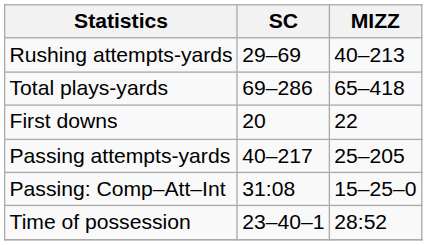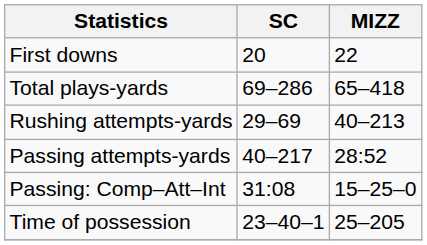 <table class="wikitable" style="float: left;">
 <tr>
 <th>Statistics</th>
 <th>SC</th>
 <th>MIZZ</th>
 </tr>
 <tr>
-<td>Rushing attempts-yards</td>
-<td>29–69</td>
-<td>40–213</td>
+<td>First downs</td>
+<td>20</td>
+<td>22</td>
 </tr>
 <tr>
 <td>Total plays-yards</td>
 <td>69–286</td>
 <td>65–418</td>
 </tr>
 <tr>
-<td>First downs</td>
-<td>20</td>
-<td>22</td>
+<td>Rushing attempts-yards</td>
+<td>29–69</td>
+<td>40–213</td>
 </tr>
 <tr>
 <td>Passing attempts-yards</td>
 <td>40–217</td>
-<td>25–205</td>
+<td>28:52</td>
 </tr>
 <tr>
 <td>Passing: Comp–Att–Int</td>
 <td>31:08</td>
 <td>15–25–0</td>
 </tr>
 <tr>
 <td>Time of possession</td>
 <td>23–40–1</td>
-<td>28:52</td>
+<td>25–205</td>
 </tr>
 <tr>
 </tr>
 </table>
